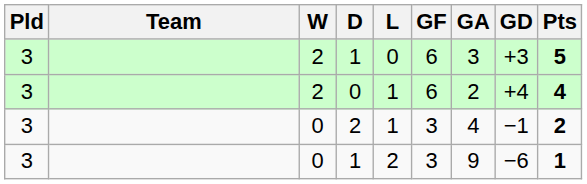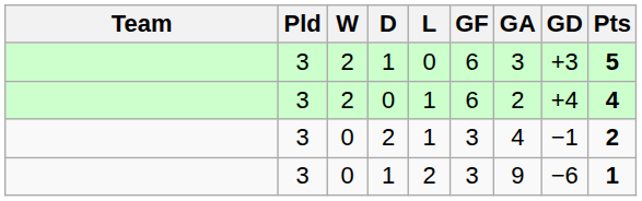 <table class="wikitable" style="text-align: center;">
 <tr>
+<th width=175>Team</th>
 <th width=20>Pld</th>
-<th width=175>Team</th>
 <th width=20>W</th>
 <th width=20>D</th>
 <th width=20>L</th>
 <th width=20>GF</th>
 <th width=20>GA</th>
 <th width=20>GD</th>
 <th width=20>Pts</th>
 </tr>
 <tr bgcolor=ccffcc>
+<td style="text-align:left;"></td>
 <td>3</td>
-<td style="text-align:left;"></td>
 <td>2</td>
 <td>1</td>
 <td>0</td>
 <td>6</td>
 <td>3</td>
 <td>+3</td>
 <td><strong>5</strong></td>
 </tr>
 <tr bgcolor=ccffcc>
+<td style="text-align:left;"></td>
 <td>3</td>
-<td style="text-align:left;"></td>
 <td>2</td>
 <td>0</td>
 <td>1</td>
 <td>6</td>
 <td>2</td>
 <td>+4</td>
 <td><strong>4</strong></td>
 </tr>
 <tr>
+<td style="text-align:left;"></td>
 <td>3</td>
-<td style="text-align:left;"></td>
 <td>0</td>
 <td>2</td>
 <td>1</td>
 <td>3</td>
 <td>4</td>
 <td>−1</td>
 <td><strong>2</strong></td>
 </tr>
 <tr>
+<td style="text-align:left;"></td>
 <td>3</td>
-<td style="text-align:left;"></td>
 <td>0</td>
 <td>1</td>
 <td>2</td>
 <td>3</td>
 <td>9</td>
 <td>−6</td>
 <td><strong>1</strong></td>
 </tr>
 </table>
